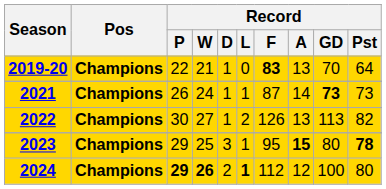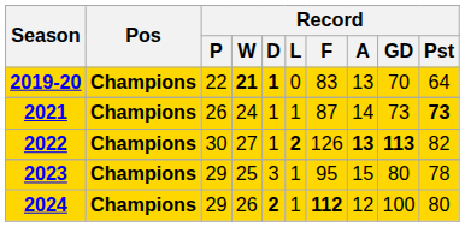 <table Class="wikitable" style="text-align: center;">
 <tr>
 <th rowspan="2">Season</th>
 <th rowspan="2">Pos</th>
 <th colspan="9">Record</th>
 </tr>
 <tr>
 <th>P</th>
 <th>W</th>
 <th>D</th>
 <th>L</th>
 <th>F</th>
 <th>A</th>
 <th>GD</th>
 <th>Pst</th>
 </tr>
 <tr style="background:gold;">
 <td><strong><a href='#'>2019-20</a></strong></td>
 <td><strong>Champions</strong></td>
 <td>22</td>
-<td>21</td>
-<td>1</td>
+<td><strong>21</strong></td>
+<td><strong>1</strong></td>
 <td>0</td>
-<td><strong>83</strong></td>
+<td>83</td>
 <td>13</td>
 <td>70</td>
 <td>64</td>
 </tr>
 <tr>
 </tr>
 <tr style="background:gold;">
 <td><strong><a href='#'>2021</a></strong></td>
 <td><strong>Champions</strong></td>
 <td>26</td>
 <td>24</td>
 <td>1</td>
 <td>1</td>
 <td>87</td>
 <td>14</td>
+<td>73</td>
 <td><strong>73</strong></td>
-<td>73</td>
 </tr>
 <tr>
 </tr>
 <tr style="background:gold;">
 <td><strong><a href='#'>2022</a></strong></td>
 <td><strong>Champions</strong></td>
 <td>30</td>
 <td>27</td>
 <td>1</td>
-<td>2</td>
+<td><strong>2</strong></td>
 <td>126</td>
-<td>13</td>
-<td>113</td>
+<td><strong>13</strong></td>
+<td><strong>113</strong></td>
 <td>82</td>
 </tr>
 <tr>
 </tr>
 <tr style="background:Gold;">
 <td><strong><a href='#'>2023</a></strong></td>
 <td><strong>Champions</strong></td>
 <td>29</td>
 <td>25</td>
 <td>3</td>
 <td>1</td>
 <td>95</td>
-<td><strong>15</strong></td>
+<td>15</td>
 <td>80</td>
-<td><strong>78</strong></td>
+<td>78</td>
 </tr>
 <tr style="background:Gold;">
 <td><strong><a href='#'>2024</a></strong></td>
 <td><strong>Champions</strong></td>
-<td><strong>29</strong></td>
-<td><strong>26</strong></td>
-<td>2</td>
-<td><strong>1</strong></td>
-<td>112</td>
+<td>29</td>
+<td>26</td>
+<td><strong>2</strong></td>
+<td>1</td>
+<td><strong>112</strong></td>
 <td>12</td>
 <td>100</td>
 <td>80</td>
 </tr>
 </table>
